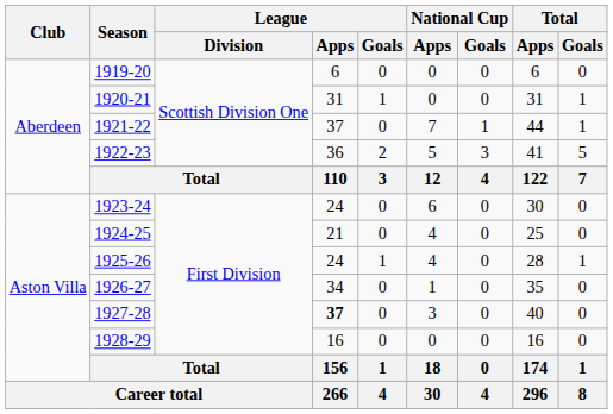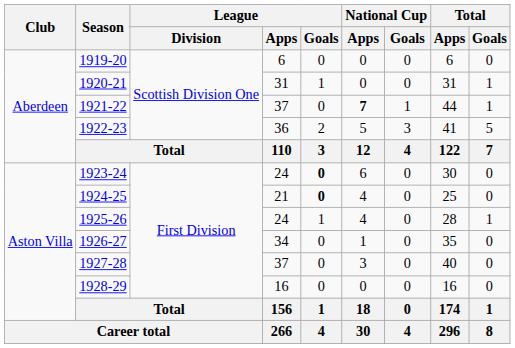 <table class="wikitable" style="text-align:center">
 <tr>
 <th rowspan="2">Club</th>
 <th rowspan="2">Season</th>
 <th colspan="3">League</th>
 <th colspan="2">National Cup</th>
 <th colspan="2">Total</th>
 </tr>
 <tr>
 <th>Division</th>
 <th>Apps</th>
 <th>Goals</th>
 <th>Apps</th>
 <th>Goals</th>
 <th>Apps</th>
 <th>Goals</th>
 </tr>
 <tr>
 <td rowspan="5"><a href='#'>Aberdeen</a></td>
 <td><a href='#'>1919-20</a></td>
 <td rowspan="4"><a href='#'>Scottish Division One</a></td>
 <td>6</td>
 <td>0</td>
 <td>0</td>
 <td>0</td>
 <td>6</td>
 <td>0</td>
 </tr>
 <tr>
 <td><a href='#'>1920-21</a></td>
 <td>31</td>
 <td>1</td>
 <td>0</td>
 <td>0</td>
 <td>31</td>
 <td>1</td>
 </tr>
 <tr>
 <td><a href='#'>1921-22</a></td>
 <td>37</td>
 <td>0</td>
-<td>7</td>
+<td><strong>7</strong></td>
 <td>1</td>
 <td>44</td>
 <td>1</td>
 </tr>
 <tr>
 <td><a href='#'>1922-23</a></td>
 <td>36</td>
 <td>2</td>
 <td>5</td>
 <td>3</td>
 <td>41</td>
 <td>5</td>
 </tr>
 <tr>
 <th colspan="2">Total</th>
 <th>110</th>
 <th>3</th>
 <th>12</th>
 <th>4</th>
 <th>122</th>
 <th>7</th>
 </tr>
 <tr>
 <td rowspan="7"><a href='#'>Aston Villa</a></td>
 <td><a href='#'>1923-24</a></td>
 <td rowspan="6"><a href='#'>First Division</a></td>
 <td>24</td>
-<td>0</td>
+<td><strong>0</strong></td>
 <td>6</td>
 <td>0</td>
 <td>30</td>
 <td>0</td>
 </tr>
 <tr>
 <td><a href='#'>1924-25</a></td>
 <td>21</td>
-<td>0</td>
+<td><strong>0</strong></td>
 <td>4</td>
 <td>0</td>
 <td>25</td>
 <td>0</td>
 </tr>
 <tr>
 <td><a href='#'>1925-26</a></td>
 <td>24</td>
 <td>1</td>
 <td>4</td>
 <td>0</td>
 <td>28</td>
 <td>1</td>
 </tr>
 <tr>
 <td><a href='#'>1926-27</a></td>
 <td>34</td>
 <td>0</td>
 <td>1</td>
 <td>0</td>
 <td>35</td>
 <td>0</td>
 </tr>
 <tr>
 <td><a href='#'>1927-28</a></td>
-<td><strong>37</strong></td>
+<td>37</td>
 <td>0</td>
 <td>3</td>
 <td>0</td>
 <td>40</td>
 <td>0</td>
 </tr>
 <tr>
 <td><a href='#'>1928-29</a></td>
 <td>16</td>
 <td>0</td>
 <td>0</td>
 <td>0</td>
 <td>16</td>
 <td>0</td>
 </tr>
 <tr>
 <th colspan="2">Total</th>
 <th>156</th>
 <th>1</th>
 <th>18</th>
 <th>0</th>
 <th>174</th>
 <th>1</th>
 </tr>
 <tr>
 <th colspan="3">Career total</th>
 <th>266</th>
 <th>4</th>
 <th>30</th>
 <th>4</th>
 <th>296</th>
 <th>8</th>
 </tr>
 </table>
